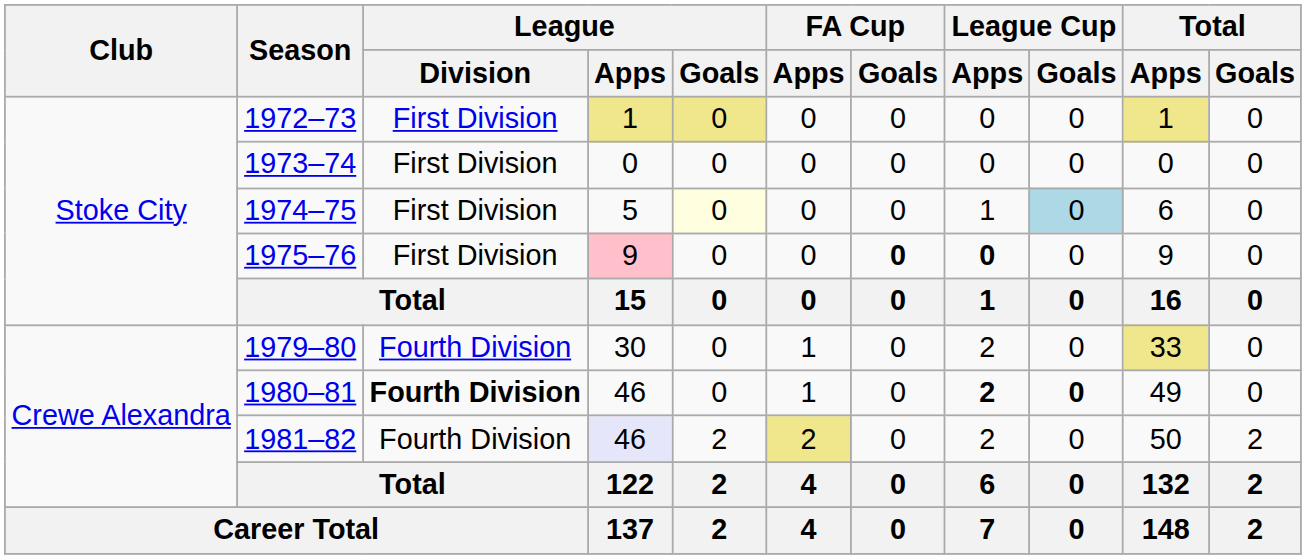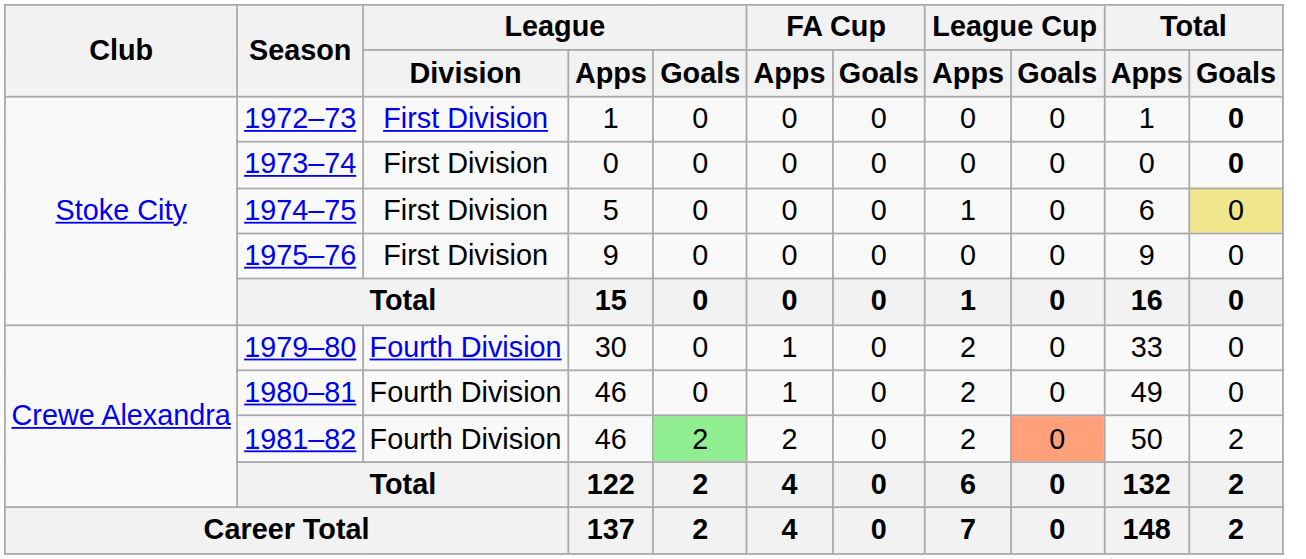 <table class="wikitable" style="text-align: center;">
 <tr>
 <th rowspan="2">Club</th>
 <th rowspan="2">Season</th>
 <th colspan="3">League</th>
 <th colspan="2">FA Cup</th>
 <th colspan="2">League Cup</th>
 <th colspan="2">Total</th>
 </tr>
 <tr>
 <th>Division</th>
 <th>Apps</th>
 <th>Goals</th>
 <th>Apps</th>
 <th>Goals</th>
 <th>Apps</th>
 <th>Goals</th>
 <th>Apps</th>
 <th>Goals</th>
 </tr>
 <tr>
 <td rowspan="5"><a href='#'>Stoke City</a></td>
 <td><a href='#'>1972–73</a></td>
 <td><a href='#'>First Division</a></td>
-<td style="background: khaki;">1</td>
-<td style="background: khaki;">0</td>
+<td>1</td>
 <td>0</td>
 <td>0</td>
 <td>0</td>
 <td>0</td>
-<td style="background: khaki;">1</td>
 <td>0</td>
+<td>1</td>
+<td><strong>0</strong></td>
 </tr>
 <tr>
 <td><a href='#'>1973–74</a></td>
 <td>First Division</td>
 <td>0</td>
 <td>0</td>
 <td>0</td>
 <td>0</td>
 <td>0</td>
 <td>0</td>
 <td>0</td>
-<td>0</td>
+<td><strong>0</strong></td>
 </tr>
 <tr>
 <td><a href='#'>1974–75</a></td>
 <td>First Division</td>
 <td>5</td>
-<td style="background: lightyellow;">0</td>
+<td>0</td>
 <td>0</td>
 <td>0</td>
 <td>1</td>
-<td style="background: lightblue;">0</td>
+<td>0</td>
 <td>6</td>
-<td>0</td>
+<td style="background: khaki;">0</td>
 </tr>
 <tr>
 <td><a href='#'>1975–76</a></td>
 <td>First Division</td>
-<td style="background: pink;">9</td>
+<td>9</td>
 <td>0</td>
 <td>0</td>
-<td><strong>0</strong></td>
-<td><strong>0</strong></td>
+<td>0</td>
+<td>0</td>
 <td>0</td>
 <td>9</td>
 <td>0</td>
 </tr>
 <tr>
 <th colspan="2">Total</th>
 <th>15</th>
 <th>0</th>
 <th>0</th>
 <th>0</th>
 <th>1</th>
 <th>0</th>
 <th>16</th>
 <th>0</th>
 </tr>
 <tr>
 <td rowspan="4"><a href='#'>Crewe Alexandra</a></td>
 <td><a href='#'>1979–80</a></td>
 <td><a href='#'>Fourth Division</a></td>
 <td>30</td>
 <td>0</td>
 <td>1</td>
 <td>0</td>
 <td>2</td>
 <td>0</td>
-<td style="background: khaki;">33</td>
+<td>33</td>
 <td>0</td>
 </tr>
 <tr>
 <td><a href='#'>1980–81</a></td>
-<td><strong>Fourth Division</strong></td>
+<td>Fourth Division</td>
 <td>46</td>
 <td>0</td>
 <td>1</td>
 <td>0</td>
-<td><strong>2</strong></td>
-<td><strong>0</strong></td>
+<td>2</td>
+<td>0</td>
 <td>49</td>
 <td>0</td>
 </tr>
 <tr>
 <td><a href='#'>1981–82</a></td>
 <td>Fourth Division</td>
-<td style="background: lavender;">46</td>
+<td>46</td>
+<td style="background: lightgreen;">2</td>
 <td>2</td>
-<td style="background: khaki;">2</td>
 <td>0</td>
 <td>2</td>
-<td>0</td>
+<td style="background: lightsalmon;">0</td>
 <td>50</td>
 <td>2</td>
 </tr>
 <tr>
 <th colspan="2">Total</th>
 <th>122</th>
 <th>2</th>
 <th>4</th>
 <th>0</th>
 <th>6</th>
 <th>0</th>
 <th>132</th>
 <th>2</th>
 </tr>
 <tr>
 <th colspan="3">Career Total</th>
 <th>137</th>
 <th>2</th>
 <th>4</th>
 <th>0</th>
 <th>7</th>
 <th>0</th>
 <th>148</th>
 <th>2</th>
 </tr>
 </table>
